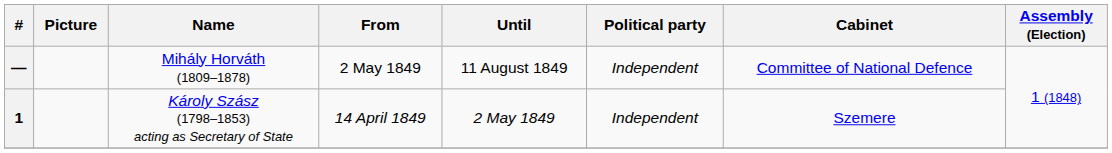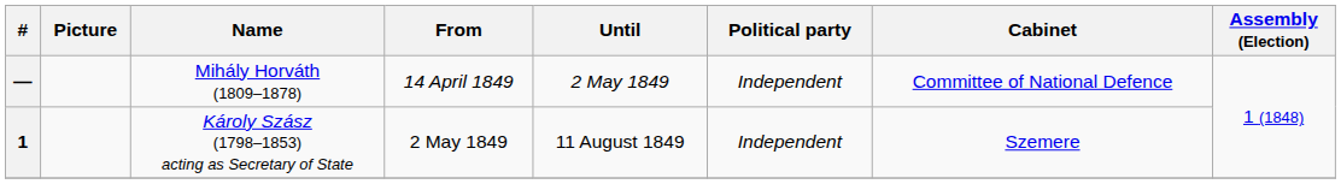 <table width=90% class="wikitable" style="text-align:center">
 <tr>
 <th>#</th>
 <th>Picture</th>
 <th>Name</th>
 <th>From</th>
 <th>Until</th>
 <th>Political party</th>
 <th>Cabinet</th>
 <th><a href='#'>Assembly</a><br><small>(Election)</small></th>
 </tr>
 <tr>
 <th style="background:">—</th>
 <td></td>
 <td><a href='#'>Mihály Horváth</a><br><small>(1809–1878)</small></td>
-<td>2 May 1849</td>
-<td>11 August 1849</td>
+<td><em>14 April 1849</em></td>
+<td><em>2 May 1849</em></td>
 <td><em>Independent</em></td>
 <td><a href='#'>Committee of National Defence</a></td>
 <td rowspan="2"><a href='#'>1 <small>(1848)</small></a></td>
 </tr>
 <tr>
 <th style="background:">1</th>
 <td></td>
 <td><em><a href='#'>Károly Szász</a></em><br><small>(1798–1853)<br><em>acting as Secretary of State</em></small></td>
-<td><em>14 April 1849</em></td>
-<td><em>2 May 1849</em></td>
+<td>2 May 1849</td>
+<td>11 August 1849</td>
 <td><em>Independent</em></td>
 <td><a href='#'>Szemere</a></td>
 </tr>
 <tr>
 </tr>
 </table>
